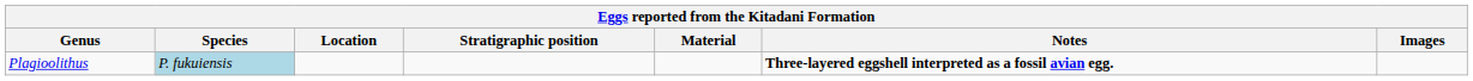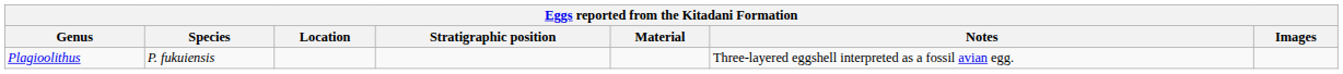 <table class="wikitable" align="center" width="100%">
 <tr>
 <th colspan="7" align="center"><strong><a href='#'>Eggs</a> reported from the Kitadani Formation</strong></th>
 </tr>
 <tr>
 <th>Genus</th>
 <th>Species</th>
 <th>Location</th>
 <th>Stratigraphic position</th>
 <th>Material</th>
 <th>Notes</th>
 <th>Images</th>
 </tr>
 <tr>
 <td><em><a href='#'>Plagioolithus</a></em></td>
-<td style="background: lightblue;"><em>P. fukuiensis</em></td>
+<td><em>P. fukuiensis</em></td>
 <td></td>
 <td></td>
 <td></td>
-<td><strong>Three-layered eggshell interpreted as a fossil <a href='#'>avian</a> egg.</strong></td>
+<td>Three-layered eggshell interpreted as a fossil <a href='#'>avian</a> egg.</td>
 <td></td>
 </tr>
 </table>
